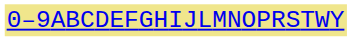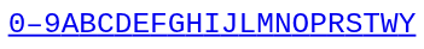 <table id="toc" class="toc" summary="Class">
 <tr>
 <th></th>
 </tr>
 <tr>
-<td style="background: khaki; text-align:center;"><a href='#'>0–9</a><a href='#'>A</a><a href='#'>B</a><a href='#'>C</a><a href='#'>D</a><a href='#'>E</a><a href='#'>F</a><a href='#'>G</a><a href='#'>H</a><a href='#'>I</a><a href='#'>J</a><a href='#'>L</a><a href='#'>M</a><a href='#'>N</a><a href='#'>O</a><a href='#'>P</a><a href='#'>R</a><a href='#'>S</a><a href='#'>T</a><a href='#'>W</a><a href='#'>Y</a></td>
+<td style="text-align:center;"><a href='#'>0–9</a><a href='#'>A</a><a href='#'>B</a><a href='#'>C</a><a href='#'>D</a><a href='#'>E</a><a href='#'>F</a><a href='#'>G</a><a href='#'>H</a><a href='#'>I</a><a href='#'>J</a><a href='#'>L</a><a href='#'>M</a><a href='#'>N</a><a href='#'>O</a><a href='#'>P</a><a href='#'>R</a><a href='#'>S</a><a href='#'>T</a><a href='#'>W</a><a href='#'>Y</a></td>
 </tr>
 </table>
